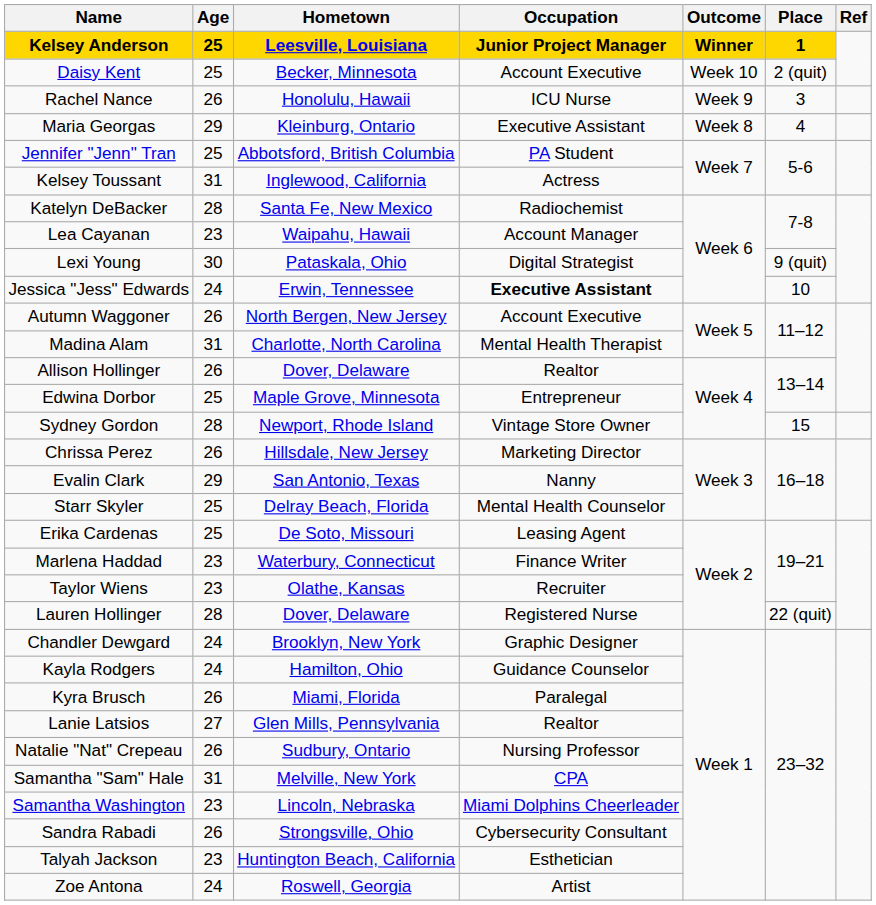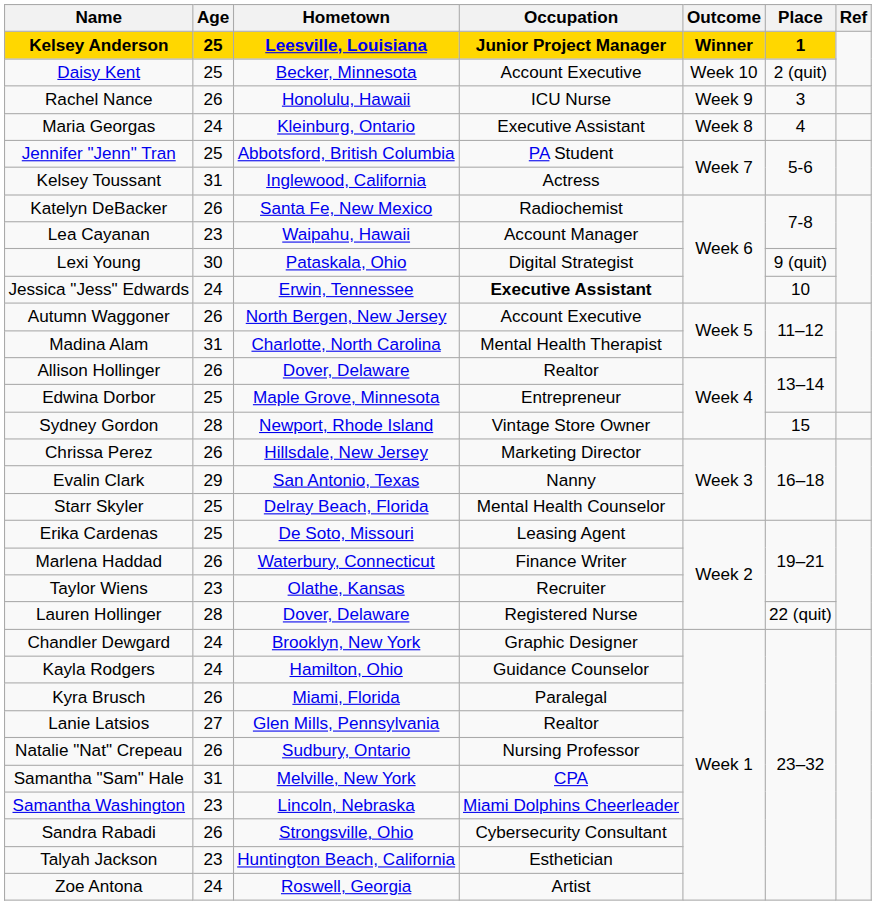 <table class="wikitable sortable" style="text-align:center; ">
 <tr>
 <th>Name</th>
 <th>Age</th>
 <th>Hometown</th>
 <th>Occupation</th>
 <th>Outcome</th>
 <th>Place</th>
 <th>Ref</th>
 </tr>
 <tr>
 <td bgcolor="gold"><strong>Kelsey Anderson</strong></td>
 <td bgcolor="gold"><strong>25</strong></td>
 <td bgcolor="gold"><strong><a href='#'>Leesville, Louisiana</a></strong></td>
 <td bgcolor="gold"><strong>Junior Project Manager</strong></td>
 <td bgcolor="gold"><strong>Winner</strong></td>
 <td bgcolor="gold"><strong>1</strong></td>
 <td rowspan="2”"></td>
 </tr>
 <tr>
 <td><a href='#'>Daisy Kent</a></td>
 <td>25</td>
 <td><a href='#'>Becker, Minnesota</a></td>
 <td>Account Executive</td>
 <td>Week 10</td>
 <td>2 (quit)</td>
 </tr>
 <tr>
 <td>Rachel Nance</td>
 <td>26</td>
 <td><a href='#'>Honolulu, Hawaii</a></td>
 <td>ICU Nurse</td>
 <td>Week 9</td>
 <td>3</td>
 <td></td>
 </tr>
 <tr>
 <td>Maria Georgas</td>
-<td>29</td>
+<td>24</td>
 <td><a href='#'>Kleinburg, Ontario</a></td>
 <td>Executive Assistant</td>
 <td>Week 8</td>
 <td>4</td>
 <td></td>
 </tr>
 <tr>
 <td><a href='#'>Jennifer "Jenn" Tran</a></td>
 <td>25</td>
 <td><a href='#'>Abbotsford, British Columbia</a></td>
 <td><a href='#'>PA</a> Student</td>
 <td rowspan="2”">Week 7</td>
 <td rowspan="2">5-6</td>
 <td rowspan="2"></td>
 </tr>
 <tr>
 <td>Kelsey Toussant</td>
 <td>31</td>
 <td><a href='#'>Inglewood, California</a></td>
 <td>Actress</td>
 </tr>
 <tr>
 <td>Katelyn DeBacker</td>
-<td>28</td>
+<td>26</td>
 <td><a href='#'>Santa Fe, New Mexico</a></td>
 <td>Radiochemist</td>
 <td rowspan="4">Week 6</td>
 <td rowspan="2">7-8</td>
 <td rowspan="4"></td>
 </tr>
 <tr>
 <td>Lea Cayanan</td>
 <td>23</td>
 <td><a href='#'>Waipahu, Hawaii</a></td>
 <td>Account Manager</td>
 </tr>
 <tr>
 <td>Lexi Young</td>
 <td>30</td>
 <td><a href='#'>Pataskala, Ohio</a></td>
 <td>Digital Strategist</td>
 <td>9 (quit)</td>
 </tr>
 <tr>
 <td>Jessica "Jess" Edwards</td>
 <td>24</td>
 <td><a href='#'>Erwin, Tennessee</a></td>
 <td><strong>Executive Assistant</strong></td>
 <td>10</td>
 </tr>
 <tr>
 <td>Autumn Waggoner</td>
 <td>26</td>
 <td><a href='#'>North Bergen, New Jersey</a></td>
 <td>Account Executive</td>
 <td rowspan="2">Week 5</td>
 <td rowspan="2">11–12</td>
 <td rowspan="4"></td>
 </tr>
 <tr>
 <td>Madina Alam</td>
 <td>31</td>
 <td><a href='#'>Charlotte, North Carolina</a></td>
 <td>Mental Health Therapist</td>
 </tr>
 <tr>
 <td>Allison Hollinger</td>
 <td>26</td>
 <td><a href='#'>Dover, Delaware</a></td>
 <td>Realtor</td>
 <td rowspan="3">Week 4</td>
 <td rowspan="2">13–14</td>
 </tr>
 <tr>
 <td>Edwina Dorbor</td>
 <td>25</td>
 <td><a href='#'>Maple Grove, Minnesota</a></td>
 <td>Entrepreneur</td>
 </tr>
 <tr>
 <td>Sydney Gordon</td>
 <td>28</td>
 <td><a href='#'>Newport, Rhode Island</a></td>
 <td>Vintage Store Owner</td>
 <td>15</td>
 <td></td>
 </tr>
 <tr>
 <td>Chrissa Perez</td>
 <td>26</td>
 <td><a href='#'>Hillsdale, New Jersey</a></td>
 <td>Marketing Director</td>
 <td rowspan="3">Week 3</td>
 <td rowspan="3">16–18</td>
 <td rowspan="3"></td>
 </tr>
 <tr>
 <td>Evalin Clark</td>
 <td>29</td>
 <td><a href='#'>San Antonio, Texas</a></td>
 <td>Nanny</td>
 </tr>
 <tr>
 <td>Starr Skyler</td>
 <td>25</td>
 <td><a href='#'>Delray Beach, Florida</a></td>
 <td>Mental Health Counselor</td>
 </tr>
 <tr>
 <td>Erika Cardenas</td>
 <td>25</td>
 <td><a href='#'>De Soto, Missouri</a></td>
 <td>Leasing Agent</td>
 <td rowspan="4">Week 2</td>
 <td rowspan="3">19–21</td>
 <td rowspan="4"></td>
 </tr>
 <tr>
 <td>Marlena Haddad</td>
-<td>23</td>
+<td>26</td>
 <td><a href='#'>Waterbury, Connecticut</a></td>
 <td>Finance Writer</td>
 </tr>
 <tr>
 <td>Taylor Wiens</td>
 <td>23</td>
 <td><a href='#'>Olathe, Kansas</a></td>
 <td>Recruiter</td>
 </tr>
 <tr>
 <td>Lauren Hollinger</td>
 <td>28</td>
 <td><a href='#'>Dover, Delaware</a></td>
 <td>Registered Nurse</td>
 <td>22 (quit)</td>
 </tr>
 <tr>
 <td>Chandler Dewgard</td>
 <td>24</td>
 <td><a href='#'>Brooklyn, New York</a></td>
 <td>Graphic Designer</td>
 <td rowspan="10">Week 1</td>
 <td rowspan="10">23–32</td>
 <td rowspan="10"></td>
 </tr>
 <tr>
 <td>Kayla Rodgers</td>
 <td>24</td>
 <td><a href='#'>Hamilton, Ohio</a></td>
 <td>Guidance Counselor</td>
 </tr>
 <tr>
 <td>Kyra Brusch</td>
 <td>26</td>
 <td><a href='#'>Miami, Florida</a></td>
 <td>Paralegal</td>
 </tr>
 <tr>
 <td>Lanie Latsios</td>
 <td>27</td>
 <td><a href='#'>Glen Mills, Pennsylvania</a></td>
 <td>Realtor</td>
 </tr>
 <tr>
 <td>Natalie "Nat" Crepeau</td>
 <td>26</td>
 <td><a href='#'>Sudbury, Ontario</a></td>
 <td>Nursing Professor</td>
 </tr>
 <tr>
 <td>Samantha "Sam" Hale</td>
 <td>31</td>
 <td><a href='#'>Melville, New York</a></td>
 <td><a href='#'>CPA</a></td>
 </tr>
 <tr>
 <td><a href='#'>Samantha Washington</a></td>
 <td>23</td>
 <td><a href='#'>Lincoln, Nebraska</a></td>
 <td><a href='#'>Miami Dolphins Cheerleader</a></td>
 </tr>
 <tr>
 <td>Sandra Rabadi</td>
 <td>26</td>
 <td><a href='#'>Strongsville, Ohio</a></td>
 <td>Cybersecurity Consultant</td>
 </tr>
 <tr>
 <td>Talyah Jackson</td>
 <td>23</td>
 <td><a href='#'>Huntington Beach, California</a></td>
 <td>Esthetician</td>
 </tr>
 <tr>
 <td>Zoe Antona</td>
 <td>24</td>
 <td><a href='#'>Roswell, Georgia</a></td>
 <td>Artist</td>
 </tr>
 </table>
